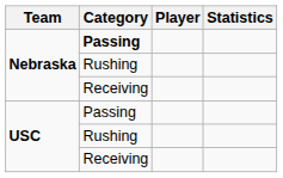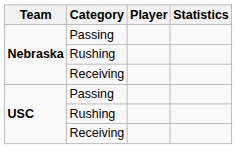 <table class="wikitable" style="float: right;">
 <tr>
 <th>Team</th>
 <th>Category</th>
 <th>Player</th>
 <th>Statistics</th>
 </tr>
 <tr>
 <td rowspan=3><strong>Nebraska</strong></td>
-<td><strong>Passing</strong></td>
+<td>Passing</td>
 <td></td>
 <td></td>
 </tr>
 <tr>
 <td>Rushing</td>
 <td></td>
 <td></td>
 </tr>
 <tr>
 <td>Receiving</td>
 <td></td>
 <td></td>
 </tr>
 <tr>
 <td rowspan=3><strong>USC</strong></td>
 <td>Passing</td>
 <td></td>
 <td></td>
 </tr>
 <tr>
 <td>Rushing</td>
 <td></td>
 <td></td>
 </tr>
 <tr>
 <td>Receiving</td>
 <td></td>
 <td></td>
 </tr>
 </table>
